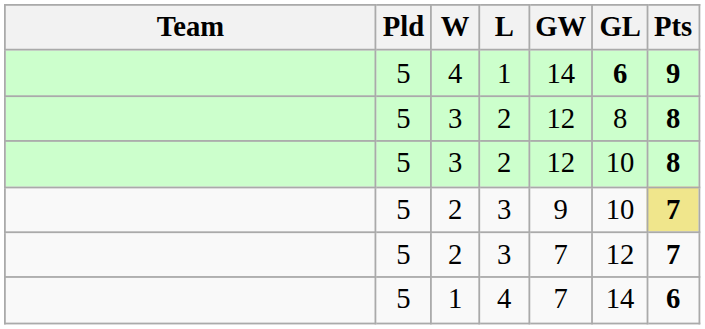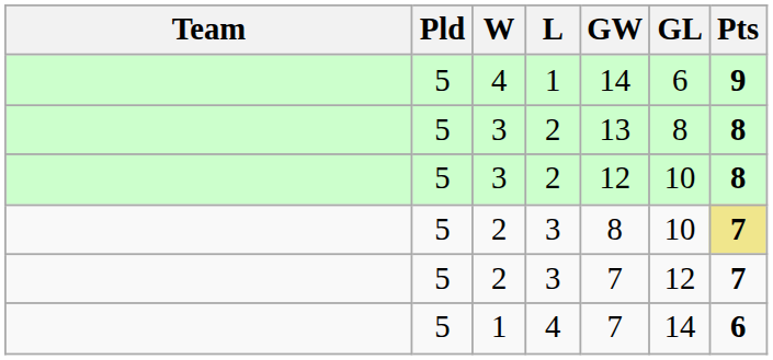 <table class="wikitable" style="text-align:center">
 <tr>
 <th width=200>Team</th>
 <th width=20>Pld</th>
 <th width=20>W</th>
 <th width=20>L</th>
 <th width=20>GW</th>
 <th width=20>GL</th>
 <th width=20>Pts</th>
 </tr>
 <tr bgcolor=ccffcc>
 <td style="text-align:left;"></td>
 <td>5</td>
 <td>4</td>
 <td>1</td>
 <td>14</td>
-<td><strong>6</strong></td>
+<td>6</td>
 <td><strong>9</strong></td>
 </tr>
 <tr bgcolor=ccffcc>
 <td style="text-align:left;"></td>
 <td>5</td>
 <td>3</td>
 <td>2</td>
-<td>12</td>
+<td>13</td>
 <td>8</td>
 <td><strong>8</strong></td>
 </tr>
 <tr bgcolor=ccffcc>
 <td style="text-align:left;"></td>
 <td>5</td>
 <td>3</td>
 <td>2</td>
 <td>12</td>
 <td>10</td>
 <td><strong>8</strong></td>
 </tr>
 <tr>
 <td style="text-align:left;"></td>
 <td>5</td>
 <td>2</td>
 <td>3</td>
-<td>9</td>
+<td>8</td>
 <td>10</td>
 <td style="background: khaki;"><strong>7</strong></td>
 </tr>
 <tr>
 <td style="text-align:left;"></td>
 <td>5</td>
 <td>2</td>
 <td>3</td>
 <td>7</td>
 <td>12</td>
 <td><strong>7</strong></td>
 </tr>
 <tr>
 <td style="text-align:left;"></td>
 <td>5</td>
 <td>1</td>
 <td>4</td>
 <td>7</td>
 <td>14</td>
 <td><strong>6</strong></td>
 </tr>
 </table>
